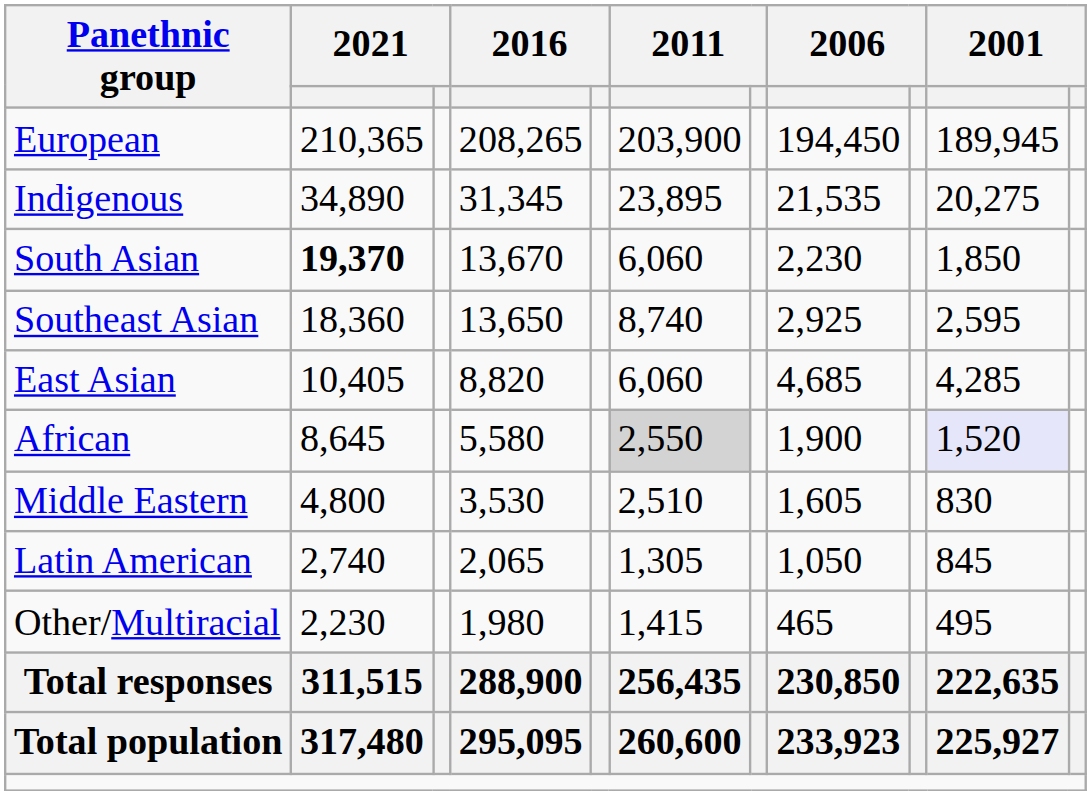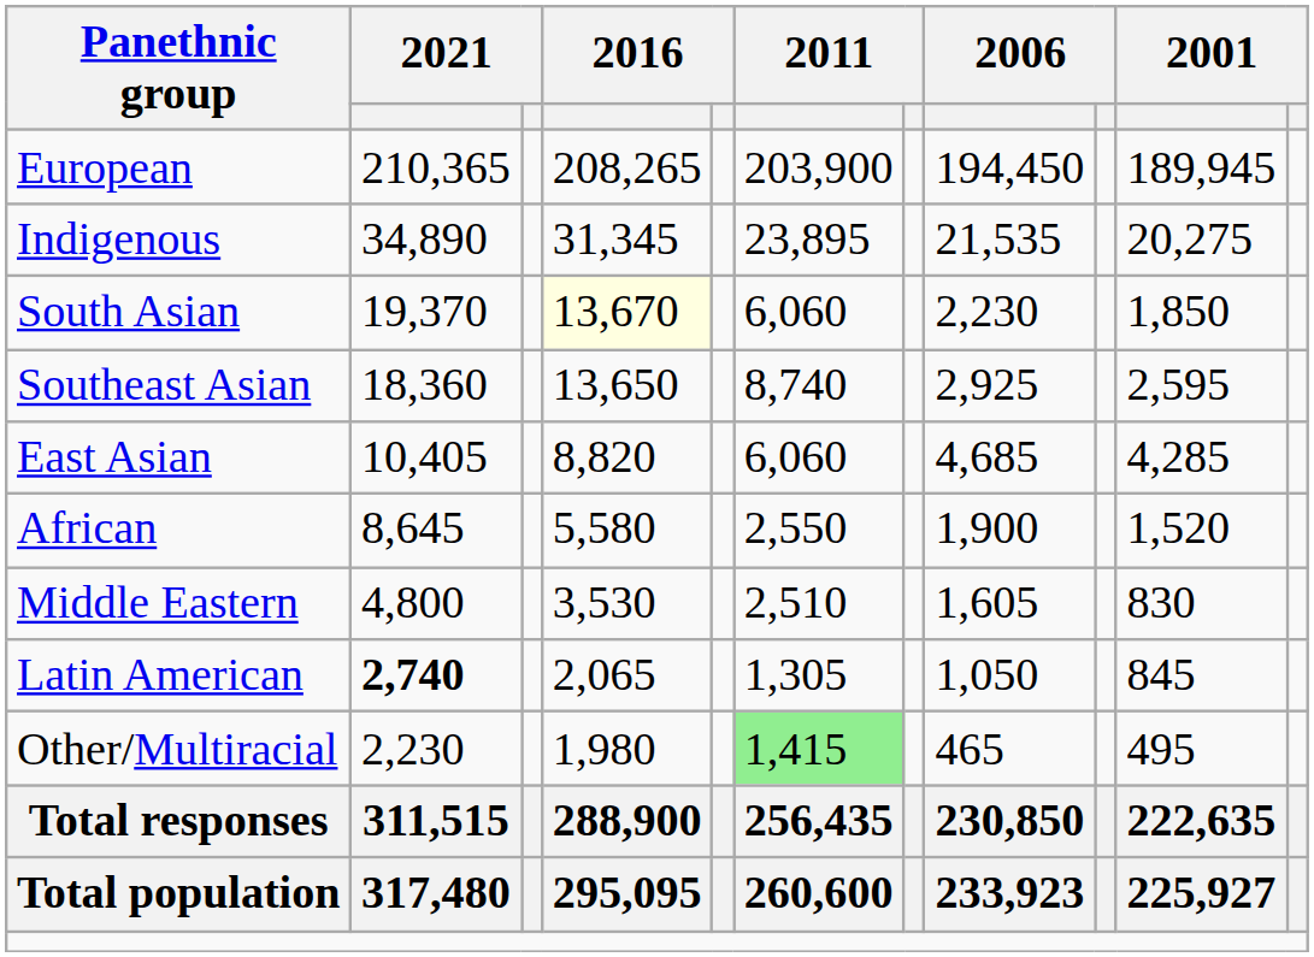 <table class="wikitable collapsible sortable">
 <tr>
 <th rowspan="2"><a href='#'>Panethnic</a><br>group</th>
 <th colspan="2">2021</th>
 <th colspan="2">2016</th>
 <th colspan="2">2011</th>
 <th colspan="2">2006</th>
 <th colspan="2">2001</th>
 </tr>
 <tr>
 <th><a href='#'></a></th>
 <th></th>
 <th></th>
 <th></th>
 <th></th>
 <th></th>
 <th></th>
 <th></th>
 <th></th>
 <th></th>
 </tr>
 <tr>
 <td><a href='#'>European</a></td>
 <td>210,365</td>
 <td></td>
 <td>208,265</td>
 <td></td>
 <td>203,900</td>
 <td></td>
 <td>194,450</td>
 <td></td>
 <td>189,945</td>
 <td></td>
 </tr>
 <tr>
 <td><a href='#'>Indigenous</a></td>
 <td>34,890</td>
 <td></td>
 <td>31,345</td>
 <td></td>
 <td>23,895</td>
 <td></td>
 <td>21,535</td>
 <td></td>
 <td>20,275</td>
 <td></td>
 </tr>
 <tr>
 <td><a href='#'>South Asian</a></td>
-<td><strong>19,370</strong></td>
+<td>19,370</td>
 <td></td>
-<td>13,670</td>
+<td style="background: lightyellow;">13,670</td>
 <td></td>
 <td>6,060</td>
 <td></td>
 <td>2,230</td>
 <td></td>
 <td>1,850</td>
 <td></td>
 </tr>
 <tr>
 <td><a href='#'>Southeast Asian</a></td>
 <td>18,360</td>
 <td></td>
 <td>13,650</td>
 <td></td>
 <td>8,740</td>
 <td></td>
 <td>2,925</td>
 <td></td>
 <td>2,595</td>
 <td></td>
 </tr>
 <tr>
 <td><a href='#'>East Asian</a></td>
 <td>10,405</td>
 <td></td>
 <td>8,820</td>
 <td></td>
 <td>6,060</td>
 <td></td>
 <td>4,685</td>
 <td></td>
 <td>4,285</td>
 <td></td>
 </tr>
 <tr>
 <td><a href='#'>African</a></td>
 <td>8,645</td>
 <td></td>
 <td>5,580</td>
 <td></td>
-<td style="background: lightgrey;">2,550</td>
+<td>2,550</td>
 <td></td>
 <td>1,900</td>
 <td></td>
-<td style="background: lavender;">1,520</td>
+<td>1,520</td>
 <td></td>
 </tr>
 <tr>
 <td><a href='#'>Middle Eastern</a></td>
 <td>4,800</td>
 <td></td>
 <td>3,530</td>
 <td></td>
 <td>2,510</td>
 <td></td>
 <td>1,605</td>
 <td></td>
 <td>830</td>
 <td></td>
 </tr>
 <tr>
 <td><a href='#'>Latin American</a></td>
-<td>2,740</td>
+<td><strong>2,740</strong></td>
 <td></td>
 <td>2,065</td>
 <td></td>
 <td>1,305</td>
 <td></td>
 <td>1,050</td>
 <td></td>
 <td>845</td>
 <td></td>
 </tr>
 <tr>
 <td>Other/<a href='#'>Multiracial</a></td>
 <td>2,230</td>
 <td></td>
 <td>1,980</td>
 <td></td>
-<td>1,415</td>
+<td style="background: lightgreen;">1,415</td>
 <td></td>
 <td>465</td>
 <td></td>
 <td>495</td>
 <td></td>
 </tr>
 <tr>
 <th>Total responses</th>
 <th>311,515</th>
 <th></th>
 <th>288,900</th>
 <th></th>
 <th>256,435</th>
 <th></th>
 <th>230,850</th>
 <th></th>
 <th>222,635</th>
 <th></th>
 </tr>
 <tr>
 <th>Total population</th>
 <th>317,480</th>
 <th></th>
 <th>295,095</th>
 <th></th>
 <th>260,600</th>
 <th></th>
 <th>233,923</th>
 <th></th>
 <th>225,927</th>
 <th></th>
 </tr>
 <tr class="sortbottom">
 <td colspan="15"></td>
 </tr>
 </table>
